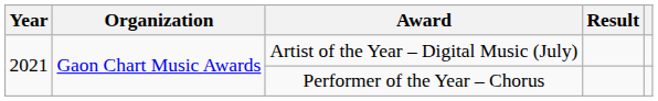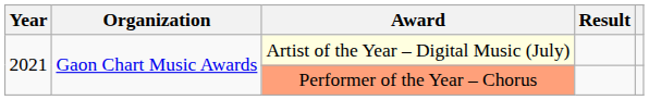 <table class="wikitable plainrowheaders" style="text-align:center">
 <tr>
 <th scope="col">Year</th>
 <th scope="col">Organization</th>
 <th scope="col">Award</th>
 <th scope="col">Result</th>
 <th class="unsortable"></th>
 </tr>
 <tr>
 <td rowspan="2">2021</td>
 <td rowspan="2"><a href='#'>Gaon Chart Music Awards</a></td>
-<td>Artist of the Year – Digital Music (July)</td>
+<td style="background: lightyellow;">Artist of the Year – Digital Music (July)</td>
 <td></td>
 <td></td>
 </tr>
 <tr>
-<td>Performer of the Year – Chorus</td>
+<td style="background: lightsalmon;">Performer of the Year – Chorus</td>
 <td></td>
 <td></td>
 </tr>
 </table>
